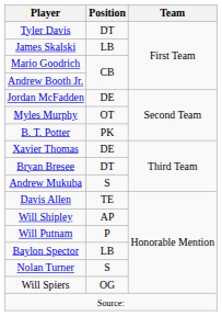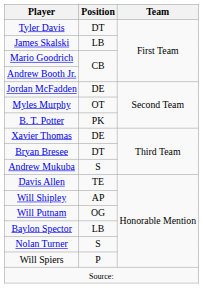 <table class="wikitable" style="text-align: center">
 <tr align=center>
 <th>Player</th>
 <th>Position</th>
 <th>Team</th>
 </tr>
 <tr>
 <td><a href='#'>Tyler Davis</a></td>
 <td>DT</td>
 <td rowspan=4>First Team</td>
 </tr>
 <tr>
 <td><a href='#'>James Skalski</a></td>
 <td>LB</td>
 </tr>
 <tr>
 <td><a href='#'>Mario Goodrich</a></td>
 <td rowspan=2>CB</td>
 </tr>
 <tr>
 <td><a href='#'>Andrew Booth Jr.</a></td>
 </tr>
 <tr>
 <td><a href='#'>Jordan McFadden</a></td>
 <td>DE</td>
 <td rowspan=3>Second Team</td>
 </tr>
 <tr>
 <td><a href='#'>Myles Murphy</a></td>
 <td>OT</td>
 </tr>
 <tr>
 <td><a href='#'>B. T. Potter</a></td>
 <td>PK</td>
 </tr>
 <tr>
 <td><a href='#'>Xavier Thomas</a></td>
 <td>DE</td>
 <td rowspan=3>Third Team</td>
 </tr>
 <tr>
 <td><a href='#'>Bryan Bresee</a></td>
 <td>DT</td>
 </tr>
 <tr>
 <td><a href='#'>Andrew Mukuba</a></td>
 <td>S</td>
 </tr>
 <tr>
 <td><a href='#'>Davis Allen</a></td>
 <td>TE</td>
 <td rowspan=6>Honorable Mention</td>
 </tr>
 <tr>
 <td><a href='#'>Will Shipley</a></td>
 <td>AP</td>
 </tr>
 <tr>
 <td><a href='#'>Will Putnam</a></td>
-<td>P</td>
+<td>OG</td>
 </tr>
 <tr>
 <td><a href='#'>Baylon Spector</a></td>
 <td>LB</td>
 </tr>
 <tr>
 <td><a href='#'>Nolan Turner</a></td>
 <td>S</td>
 </tr>
 <tr>
 <td>Will Spiers</td>
-<td>OG</td>
+<td>P</td>
 </tr>
 <tr>
 <td colspan="3"><small>Source:</small></td>
 </tr>
 </table>
